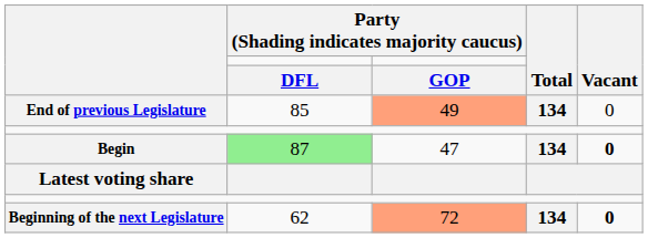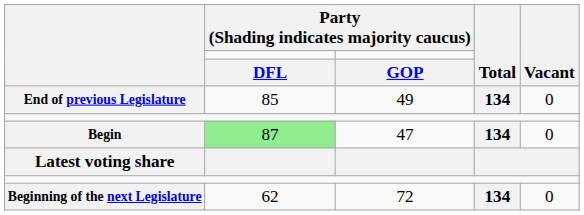 <table class=wikitable style="text-align:center">
 <tr style="vertical-align:bottom;">
 <th rowspan=3></th>
 <th colspan=2>Party <div>(Shading indicates majority caucus)</div></th>
 <th rowspan=3>Total</th>
 <th rowspan=3>Vacant</th>
 </tr>
 <tr style="height:5px">
 <td style="background-color:"></td>
 <td style="background-color:"></td>
 </tr>
 <tr>
 <th><a href='#'>DFL</a></th>
 <th><a href='#'>GOP</a></th>
 </tr>
 <tr>
 <th style="white-space:nowrap; font-size:80%;">End of <a href='#'>previous Legislature</a></th>
 <td>85</td>
-<td style="background: lightsalmon;">49</td>
+<td>49</td>
 <th>134</th>
 <td>0</td>
 </tr>
 <tr>
 <td colspan=6></td>
 </tr>
 <tr>
 <th style="font-size:80%">Begin</th>
 <td style="background: lightgreen;">87</td>
 <td>47</td>
 <th>134</th>
-<td><strong>0</strong></td>
+<td>0</td>
 </tr>
 <tr>
 <th>Latest voting share</th>
 <th></th>
 <th></th>
 <th colspan=2></th>
 </tr>
 <tr>
 <td colspan=6></td>
 </tr>
 <tr>
 <th style="white-space:nowrap; font-size:80%;">Beginning of the <a href='#'>next Legislature</a></th>
 <td>62</td>
-<td style="background: lightsalmon;">72</td>
+<td>72</td>
 <th>134</th>
-<td><strong>0</strong></td>
+<td>0</td>
 </tr>
 </table>
